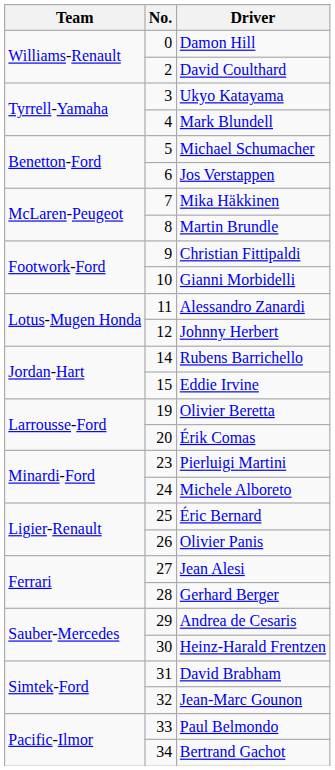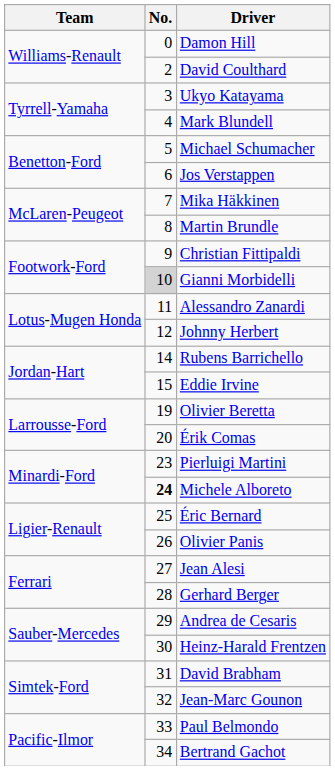 <table class="wikitable" style="font-size: 85%;">
 <tr>
 <th>Team</th>
 <th>No.</th>
 <th>Driver</th>
 </tr>
 <tr>
 <td rowspan=2> <a href='#'>Williams</a>-<a href='#'>Renault</a></td>
 <td align="right">0</td>
 <td> <a href='#'>Damon Hill</a></td>
 </tr>
 <tr>
 <td align="right">2</td>
 <td> <a href='#'>David Coulthard</a></td>
 </tr>
 <tr>
 <td rowspan=2> <a href='#'>Tyrrell</a>-<a href='#'>Yamaha</a></td>
 <td align="right">3</td>
 <td> <a href='#'>Ukyo Katayama</a></td>
 </tr>
 <tr>
 <td align="right">4</td>
 <td> <a href='#'>Mark Blundell</a></td>
 </tr>
 <tr>
 <td rowspan=2> <a href='#'>Benetton</a>-<a href='#'>Ford</a></td>
 <td align="right">5</td>
 <td> <a href='#'>Michael Schumacher</a></td>
 </tr>
 <tr>
 <td align="right">6</td>
 <td> <a href='#'>Jos Verstappen</a></td>
 </tr>
 <tr>
 <td rowspan=2> <a href='#'>McLaren</a>-<a href='#'>Peugeot</a></td>
 <td align="right">7</td>
 <td> <a href='#'>Mika Häkkinen</a></td>
 </tr>
 <tr>
 <td align="right">8</td>
 <td> <a href='#'>Martin Brundle</a></td>
 </tr>
 <tr>
 <td rowspan=2> <a href='#'>Footwork</a>-<a href='#'>Ford</a></td>
 <td align="right">9</td>
 <td> <a href='#'>Christian Fittipaldi</a></td>
 </tr>
 <tr>
-<td align="right">10</td>
+<td align="right" style="background: lightgrey;">10</td>
 <td> <a href='#'>Gianni Morbidelli</a></td>
 </tr>
 <tr>
 <td rowspan=2> <a href='#'>Lotus</a>-<a href='#'>Mugen Honda</a></td>
 <td align="right">11</td>
 <td> <a href='#'>Alessandro Zanardi</a></td>
 </tr>
 <tr>
 <td align="right">12</td>
 <td> <a href='#'>Johnny Herbert</a></td>
 </tr>
 <tr>
 <td rowspan=2> <a href='#'>Jordan</a>-<a href='#'>Hart</a></td>
 <td align="right">14</td>
 <td> <a href='#'>Rubens Barrichello</a></td>
 </tr>
 <tr>
 <td align="right">15</td>
 <td> <a href='#'>Eddie Irvine</a></td>
 </tr>
 <tr>
 <td rowspan=2> <a href='#'>Larrousse</a>-<a href='#'>Ford</a></td>
 <td align="right">19</td>
 <td> <a href='#'>Olivier Beretta</a></td>
 </tr>
 <tr>
 <td align="right">20</td>
 <td> <a href='#'>Érik Comas</a></td>
 </tr>
 <tr>
 <td rowspan=2> <a href='#'>Minardi</a>-<a href='#'>Ford</a></td>
 <td align="right">23</td>
 <td> <a href='#'>Pierluigi Martini</a></td>
 </tr>
 <tr>
-<td align="right">24</td>
+<td align="right"><strong>24</strong></td>
 <td> <a href='#'>Michele Alboreto</a></td>
 </tr>
 <tr>
 <td rowspan=2> <a href='#'>Ligier</a>-<a href='#'>Renault</a></td>
 <td align="right">25</td>
 <td> <a href='#'>Éric Bernard</a></td>
 </tr>
 <tr>
 <td align="right">26</td>
 <td> <a href='#'>Olivier Panis</a></td>
 </tr>
 <tr>
 <td rowspan=2> <a href='#'>Ferrari</a></td>
 <td align="right">27</td>
 <td> <a href='#'>Jean Alesi</a></td>
 </tr>
 <tr>
 <td align="right">28</td>
 <td> <a href='#'>Gerhard Berger</a></td>
 </tr>
 <tr>
 <td rowspan=2> <a href='#'>Sauber</a>-<a href='#'>Mercedes</a></td>
 <td align="right">29</td>
 <td> <a href='#'>Andrea de Cesaris</a></td>
 </tr>
 <tr>
 <td align="right">30</td>
 <td> <a href='#'>Heinz-Harald Frentzen</a></td>
 </tr>
 <tr>
 <td rowspan=2> <a href='#'>Simtek</a>-<a href='#'>Ford</a></td>
 <td align="right">31</td>
 <td> <a href='#'>David Brabham</a></td>
 </tr>
 <tr>
 <td align="right">32</td>
 <td> <a href='#'>Jean-Marc Gounon</a></td>
 </tr>
 <tr>
 <td rowspan=2> <a href='#'>Pacific</a>-<a href='#'>Ilmor</a></td>
 <td align="right">33</td>
 <td> <a href='#'>Paul Belmondo</a></td>
 </tr>
 <tr>
 <td align="right">34</td>
 <td> <a href='#'>Bertrand Gachot</a></td>
 </tr>
 </table>
